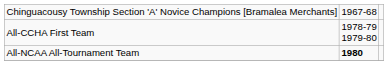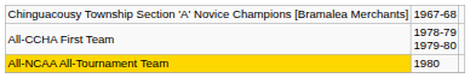 <table class="wikitable">
 <tr>
 <td>Chinguacousy Township Section 'A' Novice Champions [Bramalea Merchants]</td>
 <td>1967-68</td>
 <td></td>
 </tr>
 <tr>
 <td>All-CCHA First Team</td>
 <td>1978-79<br>1979-80</td>
 <td></td>
 </tr>
 <tr>
-<td>All-NCAA All-Tournament Team</td>
-<td><strong>1980</strong></td>
+<td style="background: gold;">All-NCAA All-Tournament Team</td>
+<td>1980</td>
 <td></td>
 </tr>
 <tr>
 </tr>
 </table>
